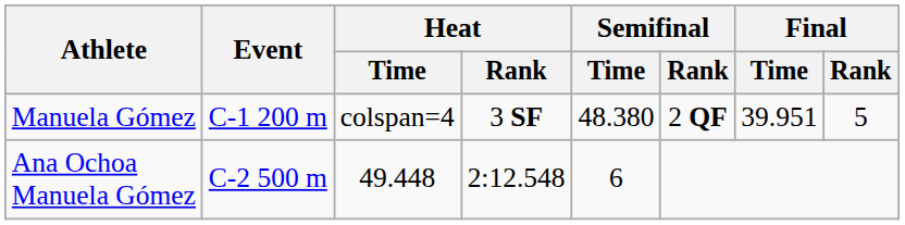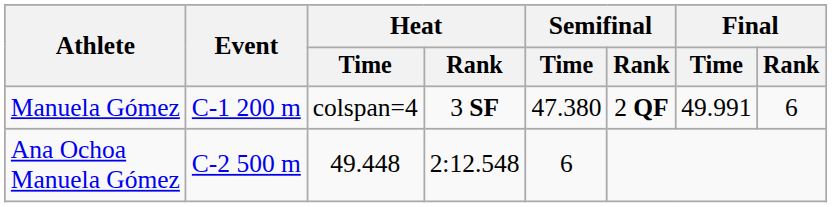 <table class=wikitable style=font-size:90%;text-align:center>
 <tr>
 <th rowspan=2>Athlete</th>
 <th rowspan=2>Event</th>
 <th colspan=2>Heat</th>
 <th colspan=2>Semifinal</th>
 <th colspan=2>Final</th>
 </tr>
 <tr style=font-size:95%>
 <th>Time</th>
 <th>Rank</th>
 <th>Time</th>
 <th>Rank</th>
 <th>Time</th>
 <th>Rank</th>
 </tr>
 <tr>
 <td align=left><a href='#'>Manuela Gómez</a></td>
 <td align=left><a href='#'>C-1 200 m</a></td>
 <td>colspan=4 </td>
 <td>3 <strong>SF</strong></td>
-<td>48.380</td>
+<td>47.380</td>
 <td>2 <strong>QF</strong></td>
-<td>39.951</td>
-<td>5</td>
+<td>49.991</td>
+<td>6</td>
 </tr>
 <tr>
 <td align=left><a href='#'>Ana Ochoa</a><br><a href='#'>Manuela Gómez</a></td>
 <td align=left><a href='#'>C-2 500 m</a></td>
 <td>49.448</td>
 <td>2:12.548</td>
 <td>6</td>
 </tr>
 </table>
